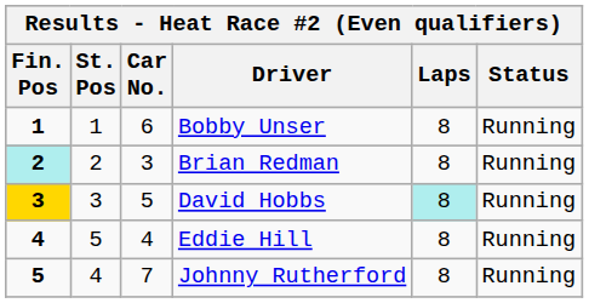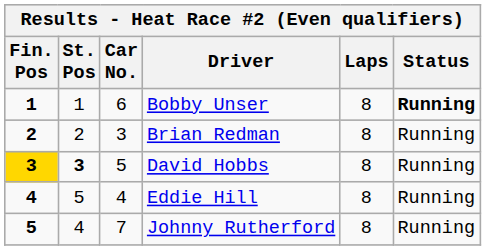 <table class="wikitable" style="font-size:90%;">
 <tr>
 <th colspan=6>Results - Heat Race #2 (Even qualifiers)</th>
 </tr>
 <tr>
 <th>Fin.<br>Pos</th>
 <th>St.<br>Pos</th>
 <th>Car<br>No.</th>
 <th>Driver</th>
 <th>Laps</th>
 <th>Status</th>
 </tr>
 <tr>
 <td align=center><strong>1</strong></td>
 <td align=center>1</td>
 <td align=center>6</td>
 <td><a href='#'>Bobby Unser</a></td>
 <td align=center>8</td>
-<td>Running</td>
+<td><strong>Running</strong></td>
 </tr>
 <tr>
-<td align=center style="background: paleturquoise;"><strong>2</strong></td>
+<td align=center><strong>2</strong></td>
 <td align=center>2</td>
 <td align=center>3</td>
 <td><a href='#'>Brian Redman</a></td>
 <td align=center>8</td>
 <td>Running</td>
 </tr>
 <tr>
 <td align=center style="background: gold;"><strong>3</strong></td>
-<td align=center>3</td>
+<td align=center><strong>3</strong></td>
 <td align=center>5</td>
 <td><a href='#'>David Hobbs</a></td>
-<td align=center style="background: paleturquoise;">8</td>
+<td align=center>8</td>
 <td>Running</td>
 </tr>
 <tr>
 <td align=center><strong>4</strong></td>
 <td align=center>5</td>
 <td align=center>4</td>
 <td><a href='#'>Eddie Hill</a></td>
 <td align=center>8</td>
 <td>Running</td>
 </tr>
 <tr>
 <td align=center><strong>5</strong></td>
 <td align=center>4</td>
 <td align=center>7</td>
 <td><a href='#'>Johnny Rutherford</a></td>
 <td align=center>8</td>
 <td>Running</td>
 </tr>
 </table>
